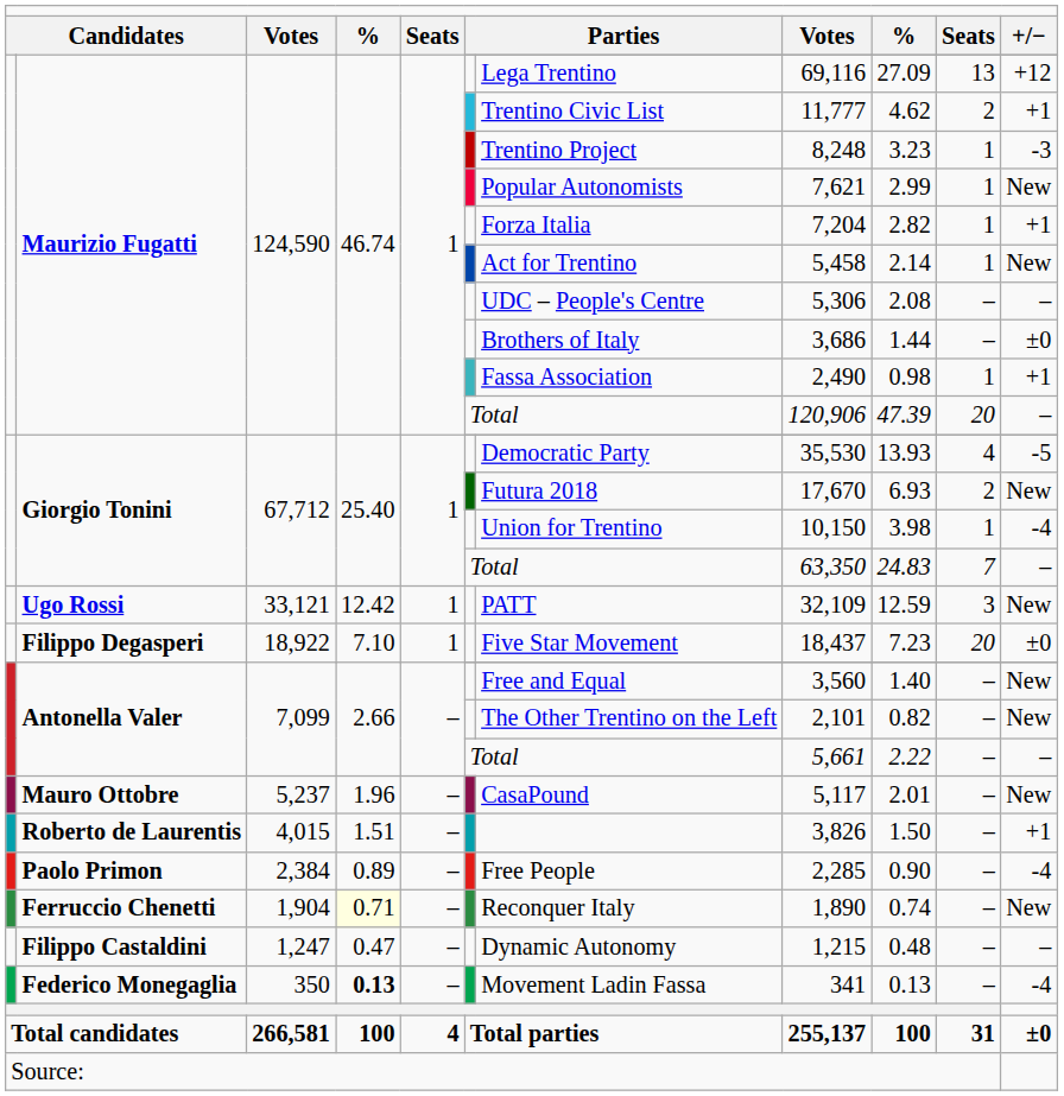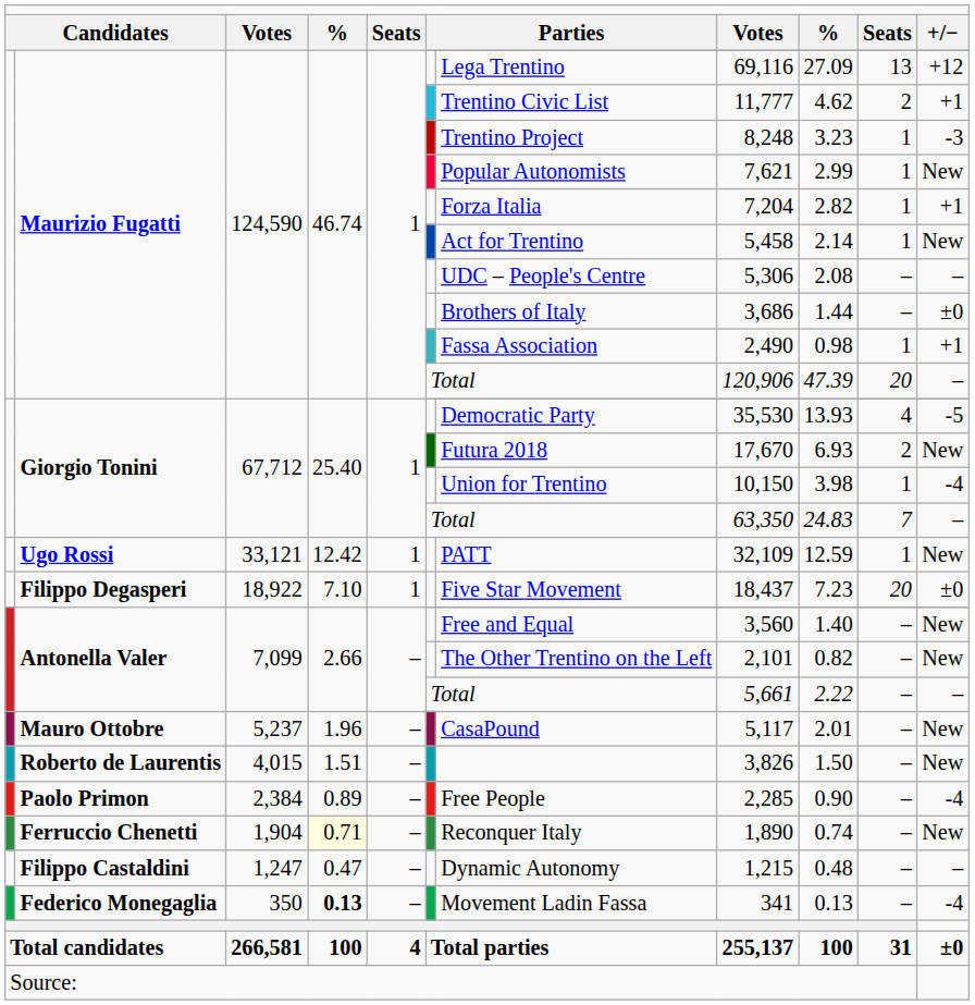 <table class="wikitable">
 <tr>
 <td colspan=11></td>
 </tr>
 <tr>
 <th colspan=2>Candidates</th>
 <th>Votes</th>
 <th>%</th>
 <th>Seats</th>
 <th colspan=2>Parties</th>
 <th>Votes</th>
 <th>%</th>
 <th>Seats</th>
 <th>+/−</th>
 </tr>
 <tr>
 <td rowspan=11></td>
 <td rowspan=11><strong><a href='#'>Maurizio Fugatti</a></strong></td>
 <td rowspan=11 align=right>124,590</td>
 <td rowspan=11 align=right>46.74</td>
 <td rowspan=11 align=right>1</td>
 </tr>
 <tr>
 <td></td>
 <td><a href='#'>Lega Trentino</a></td>
 <td align=right>69,116</td>
 <td align=right>27.09</td>
 <td align=right>13</td>
 <td align=right>+12</td>
 </tr>
 <tr>
 <td bgcolor="#23b9da"></td>
 <td><a href='#'>Trentino Civic List</a></td>
 <td align=right>11,777</td>
 <td align=right>4.62</td>
 <td align=right>2</td>
 <td align=right>+1</td>
 </tr>
 <tr>
 <td bgcolor="#C00000"></td>
 <td><a href='#'>Trentino Project</a></td>
 <td align=right>8,248</td>
 <td align=right>3.23</td>
 <td align=right>1</td>
 <td align=right>-3</td>
 </tr>
 <tr>
 <td bgcolor="#F0003D"></td>
 <td><a href='#'>Popular Autonomists</a></td>
 <td align=right>7,621</td>
 <td align=right>2.99</td>
 <td align=right>1</td>
 <td align=right>New</td>
 </tr>
 <tr>
 <td></td>
 <td><a href='#'>Forza Italia</a></td>
 <td align=right>7,204</td>
 <td align=right>2.82</td>
 <td align=right>1</td>
 <td align=right>+1</td>
 </tr>
 <tr>
 <td bgcolor="#0045AA"></td>
 <td><a href='#'>Act for Trentino</a></td>
 <td align=right>5,458</td>
 <td align=right>2.14</td>
 <td align=right>1</td>
 <td align=right>New</td>
 </tr>
 <tr>
 <td></td>
 <td><a href='#'>UDC</a> – <a href='#'>People's Centre</a></td>
 <td align=right>5,306</td>
 <td align=right>2.08</td>
 <td align=right>–</td>
 <td align=right>–</td>
 </tr>
 <tr>
 <td></td>
 <td><a href='#'>Brothers of Italy</a></td>
 <td align=right>3,686</td>
 <td align=right>1.44</td>
 <td align=right>–</td>
 <td align=right>±0</td>
 </tr>
 <tr>
 <td bgcolor="#39B5BD"></td>
 <td><a href='#'>Fassa Association</a></td>
 <td align=right>2,490</td>
 <td align=right>0.98</td>
 <td align=right>1</td>
 <td align=right>+1</td>
 </tr>
 <tr>
 <td colspan=2><em>Total</em></td>
 <td align=right><em>120,906</em></td>
 <td align=right><em>47.39</em></td>
 <td align=right><em>20</em></td>
 <td align=right>–</td>
 </tr>
 <tr>
 <td rowspan=5></td>
 <td rowspan=5><strong>Giorgio Tonini</strong></td>
 <td rowspan=5 align=right>67,712</td>
 <td rowspan=5 align=right>25.40</td>
 <td rowspan=5 align=right>1</td>
 </tr>
 <tr>
 <td></td>
 <td><a href='#'>Democratic Party</a></td>
 <td align=right>35,530</td>
 <td align=right>13.93</td>
 <td align=right>4</td>
 <td align=right>-5</td>
 </tr>
 <tr>
 <td bgcolor="#006400"></td>
 <td><a href='#'>Futura 2018</a></td>
 <td align=right>17,670</td>
 <td align=right>6.93</td>
 <td align=right>2</td>
 <td align=right>New</td>
 </tr>
 <tr>
 <td></td>
 <td><a href='#'>Union for Trentino</a></td>
 <td align=right>10,150</td>
 <td align=right>3.98</td>
 <td align=right>1</td>
 <td align=right>-4</td>
 </tr>
 <tr>
 <td colspan=2><em>Total</em></td>
 <td align=right><em>63,350</em></td>
 <td align=right><em>24.83</em></td>
 <td align=right><em>7</em></td>
 <td align=right>–</td>
 </tr>
 <tr>
 <td></td>
 <td><strong><a href='#'>Ugo Rossi</a></strong></td>
 <td align=right>33,121</td>
 <td align=right>12.42</td>
 <td align=right>1</td>
 <td></td>
 <td><a href='#'>PATT</a></td>
 <td align=right>32,109</td>
 <td align=right>12.59</td>
-<td align=right>3</td>
+<td align=right>1</td>
 <td align=right>New</td>
 </tr>
 <tr>
 <td></td>
 <td><strong>Filippo Degasperi</strong></td>
 <td align=right>18,922</td>
 <td align=right>7.10</td>
 <td align=right>1</td>
 <td></td>
 <td><a href='#'>Five Star Movement</a></td>
 <td align=right>18,437</td>
 <td align=right>7.23</td>
 <td align=right><em>20</em></td>
 <td align=right>±0</td>
 </tr>
 <tr>
 <td rowspan=4 bgcolor="#CE2029"></td>
 <td rowspan=4><strong>Antonella Valer</strong></td>
 <td rowspan=4 align=right>7,099</td>
 <td rowspan=4 align=right>2.66</td>
 <td rowspan=4 align=right>–</td>
 </tr>
 <tr>
 <td></td>
 <td><a href='#'>Free and Equal</a></td>
 <td align=right>3,560</td>
 <td align=right>1.40</td>
 <td align=right>–</td>
 <td align=right>New</td>
 </tr>
 <tr>
 <td></td>
 <td><a href='#'>The Other Trentino on the Left</a></td>
 <td align=right>2,101</td>
 <td align=right>0.82</td>
 <td align=right>–</td>
 <td align=right>New</td>
 </tr>
 <tr>
 <td colspan=2><em>Total</em></td>
 <td align=right><em>5,661</em></td>
 <td align=right><em>2.22</em></td>
 <td align=right><em>–</em></td>
 <td align=right>–</td>
 </tr>
 <tr>
 <td bgcolor="#8B0F4B"></td>
 <td><strong>Mauro Ottobre</strong></td>
 <td align=right>5,237</td>
 <td align=right>1.96</td>
 <td align=right>–</td>
 <td bgcolor="#8B0F4B"></td>
 <td><a href='#'>CasaPound</a></td>
 <td align=right>5,117</td>
 <td align=right>2.01</td>
 <td align=right>–</td>
 <td align=right>New</td>
 </tr>
 <tr>
 <td bgcolor="#02a0ac"></td>
 <td><strong>Roberto de Laurentis</strong></td>
 <td align=right>4,015</td>
 <td align=right>1.51</td>
 <td align=right>–</td>
 <td bgcolor="#02a0ac"></td>
 <td></td>
 <td align=right>3,826</td>
 <td align=right>1.50</td>
 <td align=right>–</td>
-<td align=right>+1</td>
+<td align=right>New</td>
 </tr>
 <tr>
 <td bgcolor="#E41B17"></td>
 <td><strong>Paolo Primon</strong></td>
 <td align=right>2,384</td>
 <td align=right>0.89</td>
 <td align=right>–</td>
 <td bgcolor="#E41B17"></td>
 <td>Free People</td>
 <td align=right>2,285</td>
 <td align=right>0.90</td>
 <td align=right>–</td>
 <td align=right>-4</td>
 </tr>
 <tr>
 <td bgcolor="#2A8C41"></td>
 <td><strong>Ferruccio Chenetti</strong></td>
 <td align=right>1,904</td>
 <td align=right style="background: lightyellow;">0.71</td>
 <td align=right>–</td>
 <td bgcolor="#2A8C41"></td>
 <td>Reconquer Italy</td>
 <td align=right>1,890</td>
 <td align=right>0.74</td>
 <td align=right>–</td>
 <td align=right>New</td>
 </tr>
 <tr>
 <td></td>
 <td><strong>Filippo Castaldini</strong></td>
 <td align=right>1,247</td>
 <td align=right>0.47</td>
 <td align=right>–</td>
 <td></td>
 <td>Dynamic Autonomy</td>
 <td align=right>1,215</td>
 <td align=right>0.48</td>
 <td align=right>–</td>
 <td align=right>–</td>
 </tr>
 <tr>
 <td bgcolor="#00A650"></td>
 <td><strong>Federico Monegaglia</strong></td>
 <td align=right>350</td>
 <td align=right><strong>0.13</strong></td>
 <td align=right>–</td>
 <td bgcolor="#00A650"></td>
 <td>Movement Ladin Fassa</td>
 <td align=right>341</td>
 <td align=right>0.13</td>
 <td align=right>–</td>
 <td align=right>-4</td>
 </tr>
 <tr>
 <th colspan=10></th>
 </tr>
 <tr>
 <td colspan=2><strong>Total candidates</strong></td>
 <td align=right><strong>266,581</strong></td>
 <td align=right><strong>100</strong></td>
 <td align=right><strong>4</strong></td>
 <td colspan=2><strong>Total parties</strong></td>
 <td align=right><strong>255,137</strong></td>
 <td align=right><strong>100</strong></td>
 <td align=right><strong>31</strong></td>
 <td align=right><strong>±0</strong></td>
 </tr>
 <tr>
 <td colspan=10>Source: </td>
 </tr>
 </table>
